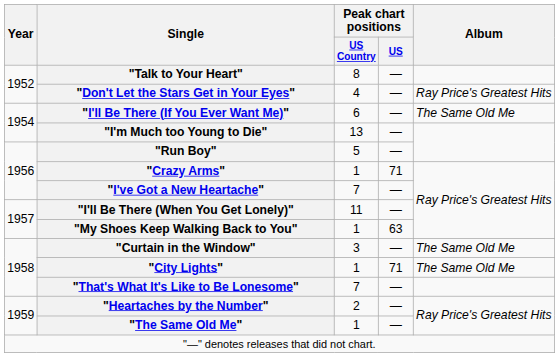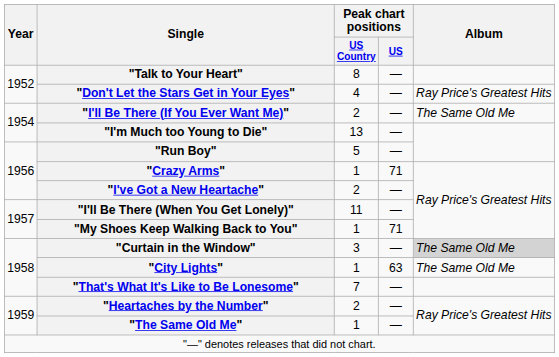 <table class="wikitable plainrowheaders" style="text-align:center;">
 <tr>
 <th rowspan="2">Year</th>
 <th rowspan="2" style="width:24em;">Single</th>
 <th colspan="2">Peak chart<br>positions</th>
 <th rowspan="2">Album</th>
 </tr>
 <tr style="font-size:smaller;">
 <th width="40"><a href='#'>US Country</a><br></th>
 <th width="40"><a href='#'>US</a><br></th>
 </tr>
 <tr>
 <td rowspan="2">1952</td>
 <th scope="row">"Talk to Your Heart"</th>
 <td>8</td>
 <td>—</td>
 <td></td>
 </tr>
 <tr>
 <th scope="row">"<a href='#'>Don't Let the Stars Get in Your Eyes</a>"</th>
 <td>4</td>
 <td>—</td>
 <td align="left"><em>Ray Price's Greatest Hits</em></td>
 </tr>
 <tr>
 <td rowspan="2">1954</td>
 <th scope="row">"<a href='#'>I'll Be There (If You Ever Want Me)</a>"</th>
-<td>6</td>
+<td>2</td>
 <td>—</td>
 <td align="left"><em>The Same Old Me</em></td>
 </tr>
 <tr>
 <th scope="row">"I'm Much too Young to Die"</th>
 <td>13</td>
 <td>—</td>
 </tr>
 <tr>
 <td rowspan="3">1956</td>
 <th scope="row">"Run Boy"</th>
 <td>5</td>
 <td>—</td>
 </tr>
 <tr>
 <th scope="row">"<a href='#'>Crazy Arms</a>"</th>
 <td>1</td>
 <td>71</td>
 <td align="left" rowspan="4"><em>Ray Price's Greatest Hits</em></td>
 </tr>
 <tr>
 <th scope="row">"<a href='#'>I've Got a New Heartache</a>"</th>
-<td>7</td>
+<td>2</td>
 <td>—</td>
 </tr>
 <tr>
 <td rowspan="2">1957</td>
 <th scope="row">"I'll Be There (When You Get Lonely)"</th>
 <td>11</td>
 <td>—</td>
 </tr>
 <tr>
 <th scope="row">"My Shoes Keep Walking Back to You"</th>
 <td>1</td>
-<td>63</td>
+<td>71</td>
 </tr>
 <tr>
 <td rowspan="3">1958</td>
 <th scope="row">"Curtain in the Window"</th>
 <td>3</td>
 <td>—</td>
-<td align="left"><em>The Same Old Me</em></td>
+<td align="left" style="background: lightgrey;"><em>The Same Old Me</em></td>
 </tr>
 <tr>
 <th scope="row">"<a href='#'>City Lights</a>"</th>
 <td>1</td>
-<td>71</td>
+<td>63</td>
 <td align="left"><em>The Same Old Me</em></td>
 </tr>
 <tr>
 <th scope="row">"<a href='#'>That's What It's Like to Be Lonesome</a>"</th>
 <td>7</td>
 <td>—</td>
 <td></td>
 </tr>
 <tr>
 <td rowspan="2">1959</td>
 <th scope="row">"<a href='#'>Heartaches by the Number</a>"</th>
 <td>2</td>
 <td>—</td>
 <td align="left" rowspan="2"><em>Ray Price's Greatest Hits</em></td>
 </tr>
 <tr>
 <th scope="row">"<a href='#'>The Same Old Me</a>"</th>
 <td>1</td>
 <td>—</td>
 </tr>
 <tr>
 <td colspan="5" align="center" style="font-size:90%">"—" denotes releases that did not chart.</td>
 </tr>
 </table>
